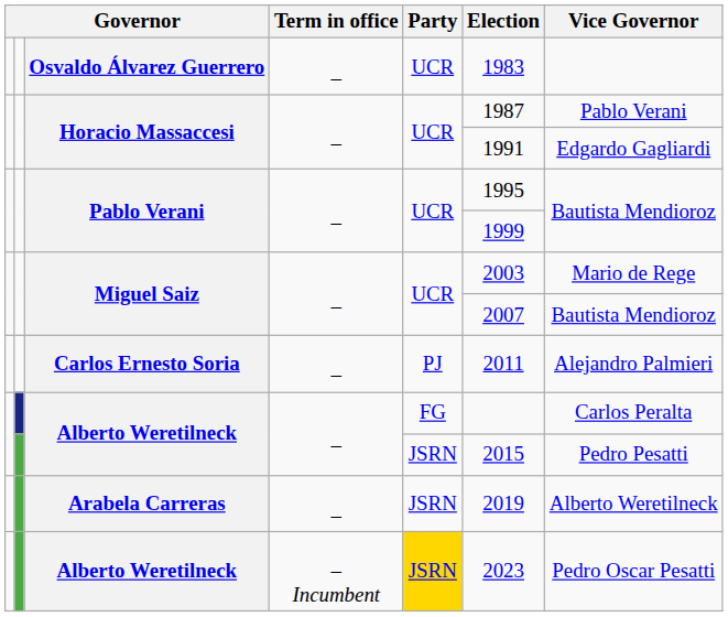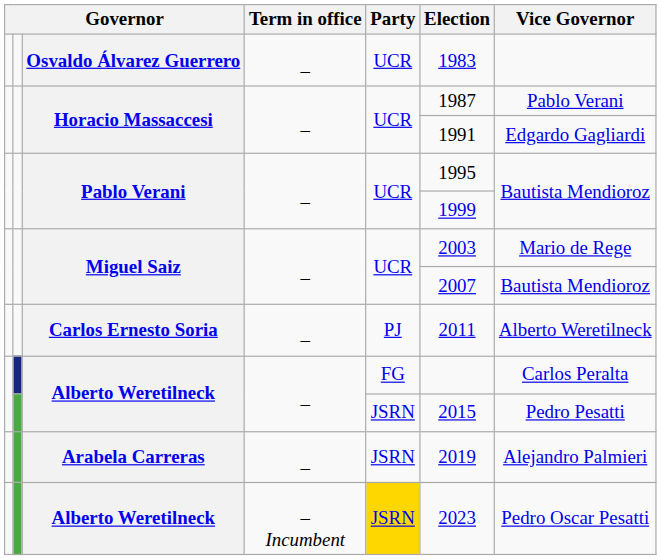 <table class="wikitable sortable" style="text-align: center;">
 <tr>
 <th scope="col" colspan="3">Governor</th>
 <th scope="col">Term in office</th>
 <th scope="col">Party</th>
 <th scope="col">Election</th>
 <th scope="col">Vice Governor</th>
 </tr>
 <tr style="height:2em;">
 <td data-sort-value="Álvarez Guerrero, Osvaldo"></td>
 <td style="background:"></td>
 <th scope="row"><a href='#'>Osvaldo Álvarez Guerrero</a></th>
 <td><br>–<br></td>
 <td><a href='#'>UCR</a></td>
 <td><a href='#'>1983</a></td>
 <td></td>
 </tr>
 <tr>
 <td rowspan="2" data-sort-value="Massaccesi, Horacio"></td>
 <td rowspan="2" style="background:"></td>
 <th rowspan="2" scope="row"><a href='#'>Horacio Massaccesi</a></th>
 <td rowspan="2"><br>–<br></td>
 <td rowspan="2"><a href='#'>UCR</a></td>
 <td>1987</td>
 <td data-sort-value="Verani, Pablo"><a href='#'>Pablo Verani</a></td>
 </tr>
 <tr style="height:2em;">
 <td>1991</td>
 <td data-sort-value="Gagliardi, Edgardo"><a href='#'>Edgardo Gagliardi</a></td>
 </tr>
 <tr style="height:2em;">
 <td rowspan="2" data-sort-value="Verani, Pablo"></td>
 <td rowspan="2" style="background:"></td>
 <th rowspan="2" scope="row"><a href='#'>Pablo Verani</a></th>
 <td rowspan="2"><br>–<br></td>
 <td rowspan="2"><a href='#'>UCR</a></td>
 <td>1995</td>
 <td rowspan="2" data-sort-value="Mendioroz, Bautista"><a href='#'>Bautista Mendioroz</a></td>
 </tr>
 <tr style="height:2em;">
 <td><a href='#'>1999</a></td>
 </tr>
 <tr style="height:2em;">
 <td rowspan="2" data-sort-value="Saiz, Miguel"></td>
 <td rowspan="2" style="background:"></td>
 <th rowspan="2" scope="row"><a href='#'>Miguel Saiz</a></th>
 <td rowspan="2"><br>–<br></td>
 <td rowspan="2"><a href='#'>UCR</a></td>
 <td><a href='#'>2003</a></td>
 <td data-sort-value="De Rege, Mario"><a href='#'>Mario de Rege</a></td>
 </tr>
 <tr style="height:2em;">
 <td><a href='#'>2007</a></td>
 <td data-sort-value="Mendioroz, Bautista"><a href='#'>Bautista Mendioroz</a></td>
 </tr>
 <tr style="height:2em;">
 <td data-sort-value="Soria, Carlos"></td>
 <td style="background:"></td>
 <th scope="row"><a href='#'>Carlos Ernesto Soria</a></th>
 <td><br>–<br></td>
 <td><a href='#'>PJ</a></td>
 <td><a href='#'>2011</a></td>
-<td data-sort-value="Palmieri, Alejandro"><a href='#'>Alejandro Palmieri</a></td>
+<td data-sort-value="Weretilneck, Alberto"><a href='#'>Alberto Weretilneck</a></td>
 </tr>
 <tr style="height:2em;">
 <td rowspan="2" data-sort-value="Weretilneck, Alberto"></td>
 <td style="background:#172683;"></td>
 <th rowspan="2" scope="row"><a href='#'>Alberto Weretilneck</a></th>
 <td rowspan="2"><br>–<br></td>
 <td><a href='#'>FG</a></td>
 <td></td>
 <td data-sort-value="Peralta, Carlos"><a href='#'>Carlos Peralta</a></td>
 </tr>
 <tr style="height:2em;">
 <td style="background:#49a942;"></td>
 <td><a href='#'>JSRN</a></td>
 <td><a href='#'>2015</a></td>
 <td data-sort-value="Pesatti, Pedro"><a href='#'>Pedro Pesatti</a></td>
 </tr>
 <tr style="height:2em;">
 <td data-sort-value="Carreras, Arabela"></td>
 <td style="background:#49a942;"></td>
 <th scope="row"><a href='#'>Arabela Carreras</a></th>
 <td><br>–<br></td>
 <td><a href='#'>JSRN</a></td>
 <td><a href='#'>2019</a></td>
-<td data-sort-value="Weretilneck, Alberto"><a href='#'>Alberto Weretilneck</a></td>
+<td data-sort-value="Palmieri, Alejandro"><a href='#'>Alejandro Palmieri</a></td>
 </tr>
 <tr style="height:2em;">
 <td data-sort-value="Weretilneck, Alberto"></td>
 <td style="background:#49a942;"></td>
 <th scope="row"><a href='#'>Alberto Weretilneck</a></th>
 <td><br>–<br><em>Incumbent</em></td>
 <td style="background: gold;"><a href='#'>JSRN</a></td>
 <td><a href='#'>2023</a></td>
 <td data-sort-value="Palmieri, Alejandro"><a href='#'>Pedro Oscar Pesatti</a></td>
 </tr>
 </table>
